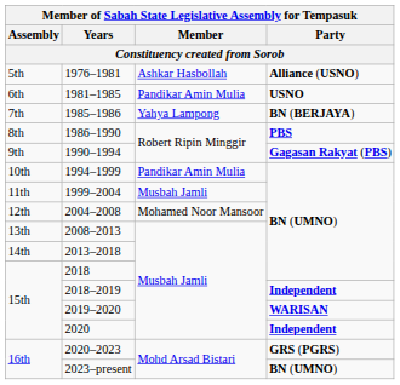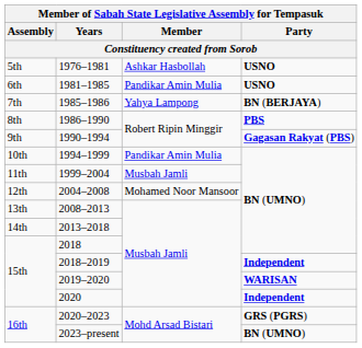 <table class="wikitable">
 <tr>
 <th colspan="4">Member of <a href='#'>Sabah State Legislative Assembly</a> for Tempasuk</th>
 </tr>
 <tr>
 <th>Assembly</th>
 <th>Years</th>
 <th>Member</th>
 <th>Party</th>
 </tr>
 <tr>
 <th colspan="4" style="text-align:center"><em>Constituency created from Sorob</em></th>
 </tr>
 <tr>
 <td>5th</td>
 <td>1976–1981</td>
 <td><a href='#'>Ashkar Hasbollah</a></td>
-<td style="background:"><strong>Alliance</strong> (<strong>USNO</strong>)</td>
+<td style="background:"><strong>USNO</strong></td>
 </tr>
 <tr>
 <td>6th</td>
 <td>1981–1985</td>
 <td><a href='#'>Pandikar Amin Mulia</a></td>
 <td style="background:"><strong>USNO</strong></td>
 </tr>
 <tr>
 <td>7th</td>
 <td>1985–1986</td>
 <td><a href='#'>Yahya Lampong</a></td>
 <td style="background:"><strong>BN</strong> (<strong>BERJAYA</strong>)</td>
 </tr>
 <tr>
 <td>8th</td>
 <td>1986–1990</td>
 <td rowspan="2">Robert Ripin Minggir</td>
 <td style="background:"><strong><a href='#'>PBS</a></strong></td>
 </tr>
 <tr>
 <td>9th</td>
 <td>1990–1994</td>
 <td style="background:"><strong><a href='#'>Gagasan Rakyat</a></strong> (<strong><a href='#'>PBS</a></strong>)</td>
 </tr>
 <tr>
 <td>10th</td>
 <td>1994–1999</td>
 <td><a href='#'>Pandikar Amin Mulia</a></td>
 <td rowspan="6" style="background:"><strong>BN</strong> (<strong>UMNO</strong>)</td>
 </tr>
 <tr>
 <td>11th</td>
 <td>1999–2004</td>
 <td><a href='#'>Musbah Jamli</a></td>
 </tr>
 <tr>
 <td>12th</td>
 <td>2004–2008</td>
 <td>Mohamed Noor Mansoor</td>
 </tr>
 <tr>
 <td>13th</td>
 <td>2008–2013</td>
 <td rowspan="6"><a href='#'>Musbah Jamli</a></td>
 </tr>
 <tr>
 <td>14th</td>
 <td>2013–2018</td>
 </tr>
 <tr>
 <td rowspan="4">15th</td>
 <td>2018</td>
 </tr>
 <tr>
 <td>2018–2019</td>
 <td><strong><a href='#'>Independent</a></strong></td>
 </tr>
 <tr>
 <td>2019–2020</td>
 <td style="background:"><strong><a href='#'>WARISAN</a></strong></td>
 </tr>
 <tr>
 <td>2020</td>
 <td><strong><a href='#'>Independent</a></strong></td>
 </tr>
 <tr>
 <td rowspan="2"><a href='#'>16th</a></td>
 <td>2020–2023</td>
 <td rowspan="2"><a href='#'>Mohd Arsad Bistari</a></td>
 <td style="background:"><strong>GRS</strong> (<strong>PGRS</strong>)</td>
 </tr>
 <tr>
 <td>2023–present</td>
 <td style="background:"><strong>BN</strong> (<strong>UMNO</strong>)</td>
 </tr>
 </table>
